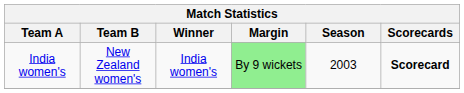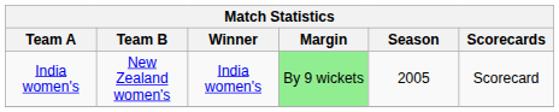 <table class="wikitable plainrowheaders sortable" style="font-size:100%">
 <tr>
 <th colspan="7" rowspan="1">Match Statistics</th>
 </tr>
 <tr>
 <th scope="col" style="width:100px">Team A</th>
 <th scope="col" style="width:100px">Team B</th>
 <th scope="col" style="width:100px">Winner</th>
 <th scope="col" style="width:100px">Margin</th>
 <th scope="col" style="width:100px">Season</th>
 <th scope="col" style="width:100px">Scorecards</th>
 </tr>
 <tr>
 <td align="center"><a href='#'>India women's</a></td>
 <td align="center"><a href='#'>New Zealand women's</a></td>
 <td align="center"><a href='#'>India women's</a></td>
 <td align="center" style="background: lightgreen;">By 9 wickets</td>
-<td align="center">2003</td>
-<td align="center"><strong>Scorecard</strong></td>
+<td align="center">2005</td>
+<td align="center">Scorecard</td>
 </tr>
 <tr>
 </tr>
 </table>
